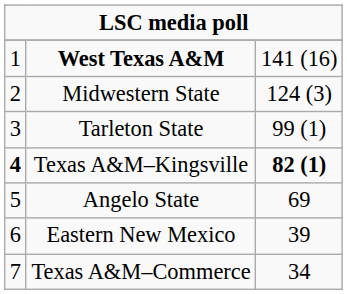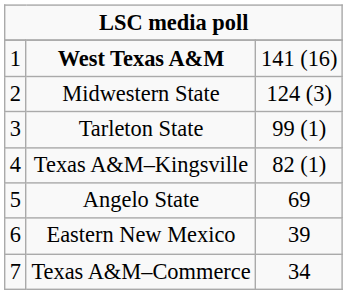 <table class="wikitable" style="display: inline-table;">
 <tr>
 <td align="center" Colspan="3"><strong>LSC media poll</strong></td>
 </tr>
 <tr align="center">
 </tr>
 <tr align="center">
 <td>1</td>
 <td><strong>West Texas A&M</strong></td>
 <td>141 (16)</td>
 </tr>
 <tr align="center">
 <td>2</td>
 <td>Midwestern State</td>
 <td>124 (3)</td>
 </tr>
 <tr align="center">
 <td>3</td>
 <td>Tarleton State</td>
 <td>99 (1)</td>
 </tr>
 <tr align="center">
-<td><strong>4</strong></td>
+<td>4</td>
 <td>Texas A&M–Kingsville</td>
-<td><strong>82 (1)</strong></td>
+<td>82 (1)</td>
 </tr>
 <tr align="center">
 <td>5</td>
 <td>Angelo State</td>
 <td>69</td>
 </tr>
 <tr align="center">
 <td>6</td>
 <td>Eastern New Mexico</td>
 <td>39</td>
 </tr>
 <tr align="center">
 <td>7</td>
 <td>Texas A&M–Commerce</td>
 <td>34</td>
 </tr>
 </table>
